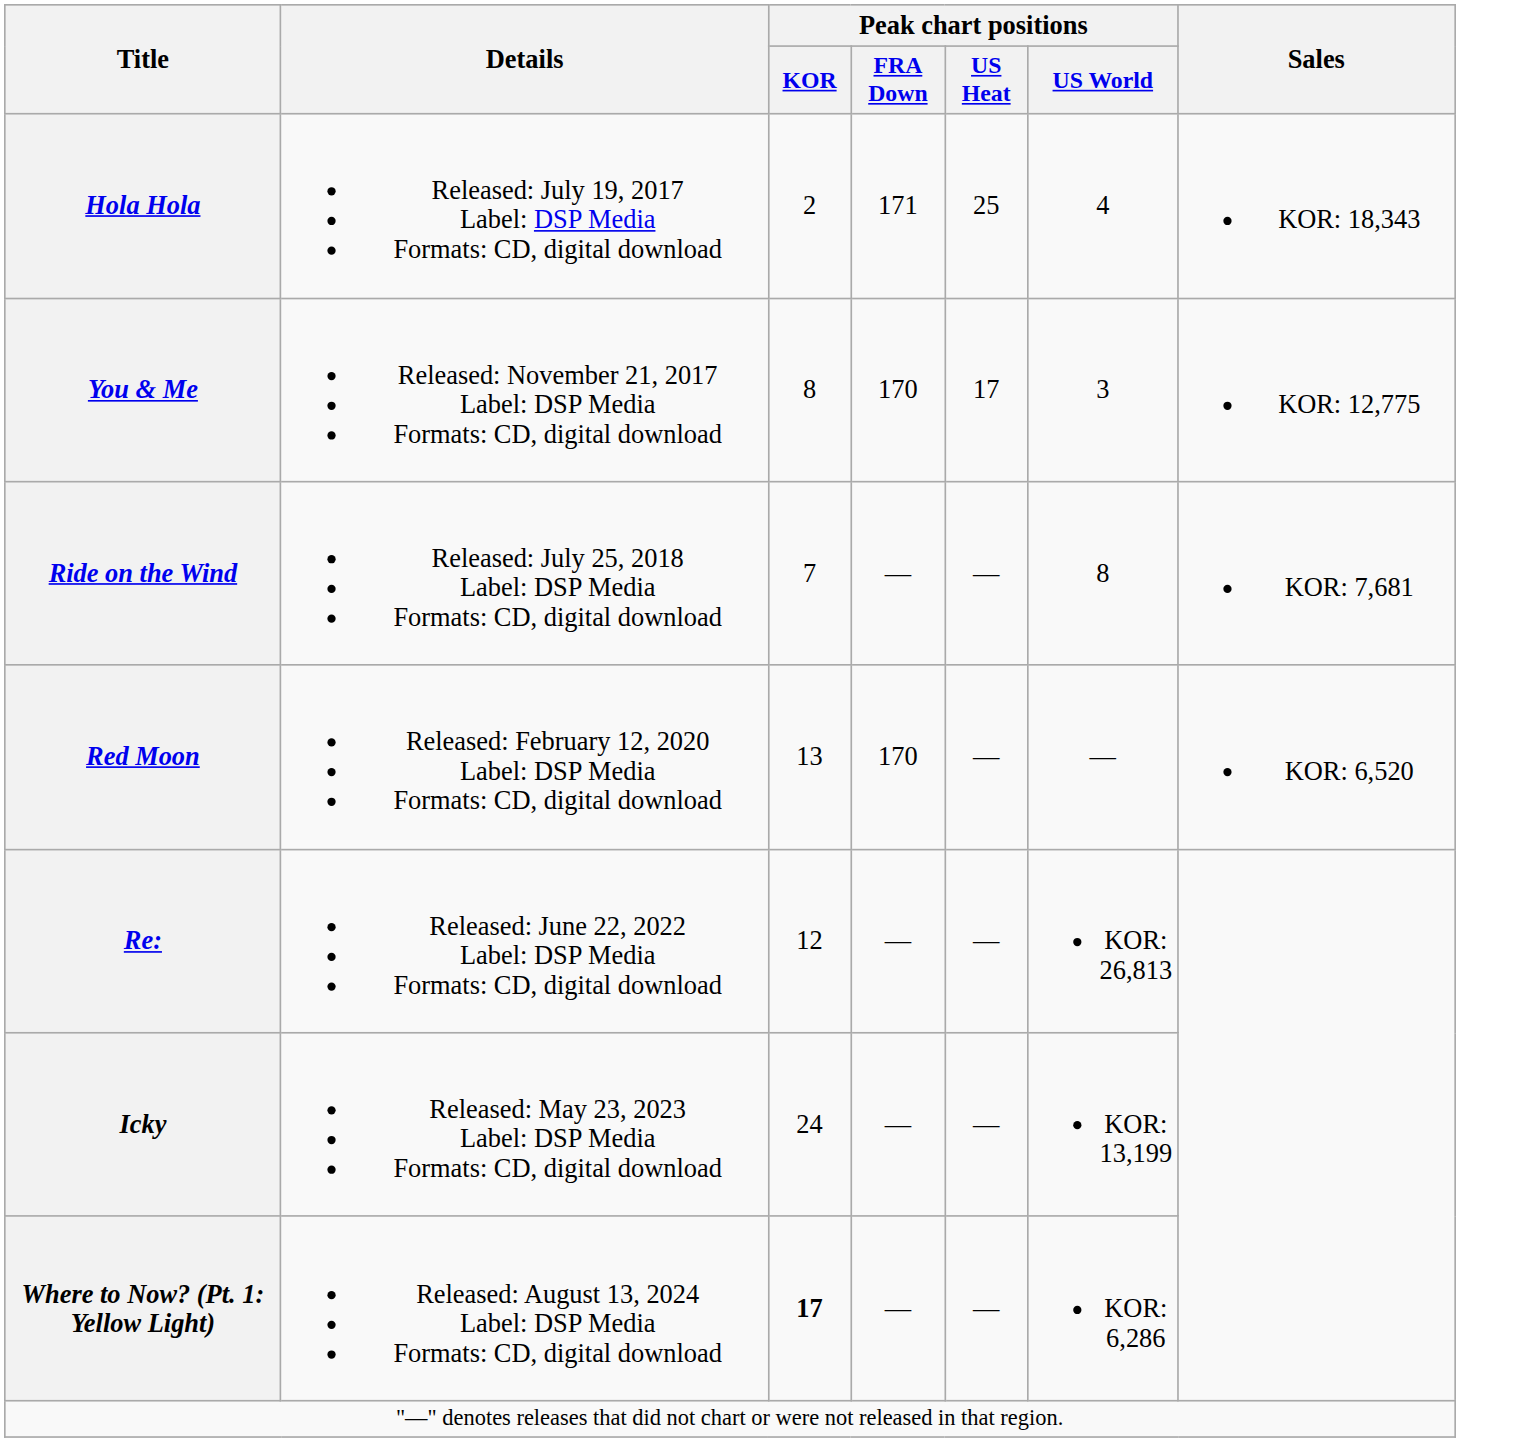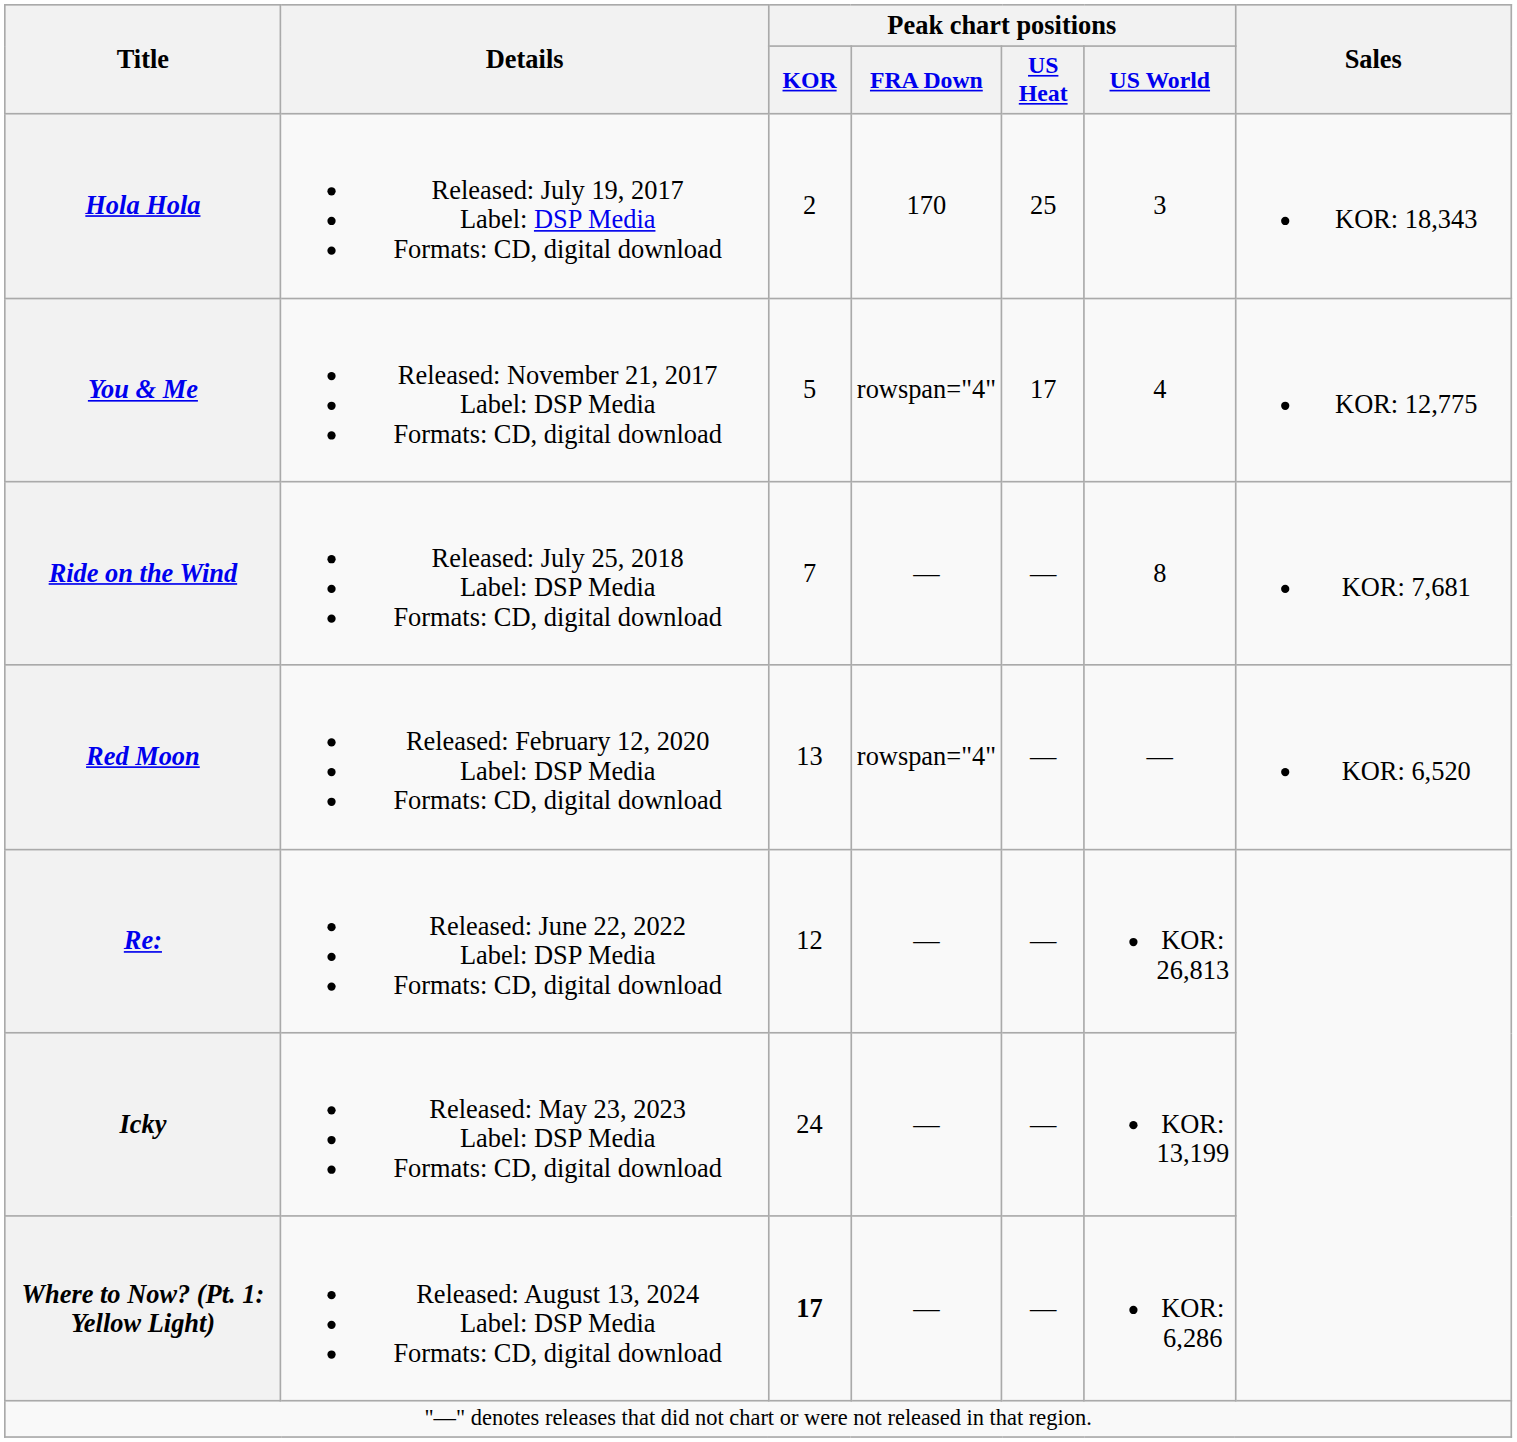 <table class="wikitable plainrowheaders" style="text-align:center;">
 <tr>
 <th rowspan="2" style="width:10em;">Title</th>
 <th rowspan="2" style="width:18em;">Details</th>
 <th colspan="4">Peak chart positions</th>
 <th rowspan="2" style="width:10em;">Sales</th>
 </tr>
 <tr>
 <th scope="col" style="width:3em;font-size:90%;"><a href='#'>KOR</a><br></th>
 <th scope="col" style="width:3.5em;font-size:90%;"><a href='#'>FRA Down</a><br></th>
 <th scope="col" style="width:3em;font-size:90%;"><a href='#'>US Heat</a><br></th>
 <th scope="col" style="width:3em;font-size:90%;"><a href='#'>US World</a><br></th>
 </tr>
 <tr>
 <th scope="row"><em><a href='#'>Hola Hola</a></em></th>
 <td><br><ul><li>Released: July 19, 2017</li><li>Label: <a href='#'>DSP Media</a></li><li>Formats: CD, digital download</li></ul></td>
 <td>2</td>
-<td>171</td>
+<td>170</td>
 <td>25</td>
-<td>4</td>
+<td>3</td>
 <td><br><ul><li>KOR: 18,343</li></ul></td>
 </tr>
 <tr>
 <th scope="row"><em><a href='#'>You & Me</a></em></th>
 <td><br><ul><li>Released: November 21, 2017</li><li>Label: DSP Media</li><li>Formats: CD, digital download</li></ul></td>
-<td>8</td>
-<td>170</td>
+<td>5</td>
+<td>rowspan="4" </td>
 <td>17</td>
-<td>3</td>
+<td>4</td>
 <td><br><ul><li>KOR: 12,775</li></ul></td>
 </tr>
 <tr>
 <th scope="row"><em><a href='#'>Ride on the Wind</a></em></th>
 <td><br><ul><li>Released: July 25, 2018</li><li>Label: DSP Media</li><li>Formats: CD, digital download</li></ul></td>
 <td>7</td>
 <td>—</td>
 <td>—</td>
 <td>8</td>
 <td><br><ul><li>KOR: 7,681</li></ul></td>
 </tr>
 <tr>
 <th scope="row"><em><a href='#'>Red Moon</a></em></th>
 <td><br><ul><li>Released: February 12, 2020</li><li>Label: DSP Media</li><li>Formats: CD, digital download</li></ul></td>
 <td>13</td>
-<td>170</td>
+<td>rowspan="4" </td>
 <td>—</td>
 <td>—</td>
 <td><br><ul><li>KOR: 6,520</li></ul></td>
 </tr>
 <tr>
 <th scope="row"><a href='#'><em>Re:</em></a></th>
 <td><br><ul><li>Released: June 22, 2022</li><li>Label: DSP Media</li><li>Formats: CD, digital download</li></ul></td>
 <td>12</td>
 <td>—</td>
 <td>—</td>
 <td><br><ul><li>KOR: 26,813</li></ul></td>
 </tr>
 <tr>
 <th scope="row"><em>Icky</em></th>
 <td><br><ul><li>Released: May 23, 2023</li><li>Label: DSP Media</li><li>Formats: CD, digital download</li></ul></td>
 <td>24</td>
 <td>—</td>
 <td>—</td>
 <td><br><ul><li>KOR: 13,199</li></ul></td>
 </tr>
 <tr>
 <th scope="row"><em>Where to Now? (Pt. 1: Yellow Light)</em></th>
 <td><br><ul><li>Released: August 13, 2024</li><li>Label: DSP Media</li><li>Formats: CD, digital download</li></ul></td>
 <td><strong>17</strong></td>
 <td>—</td>
 <td>—</td>
 <td><br><ul><li>KOR: 6,286</li></ul></td>
 </tr>
 <tr>
 <td colspan="7" style="font-size:85%;">"—" denotes releases that did not chart or were not released in that region.</td>
 </tr>
 </table>
